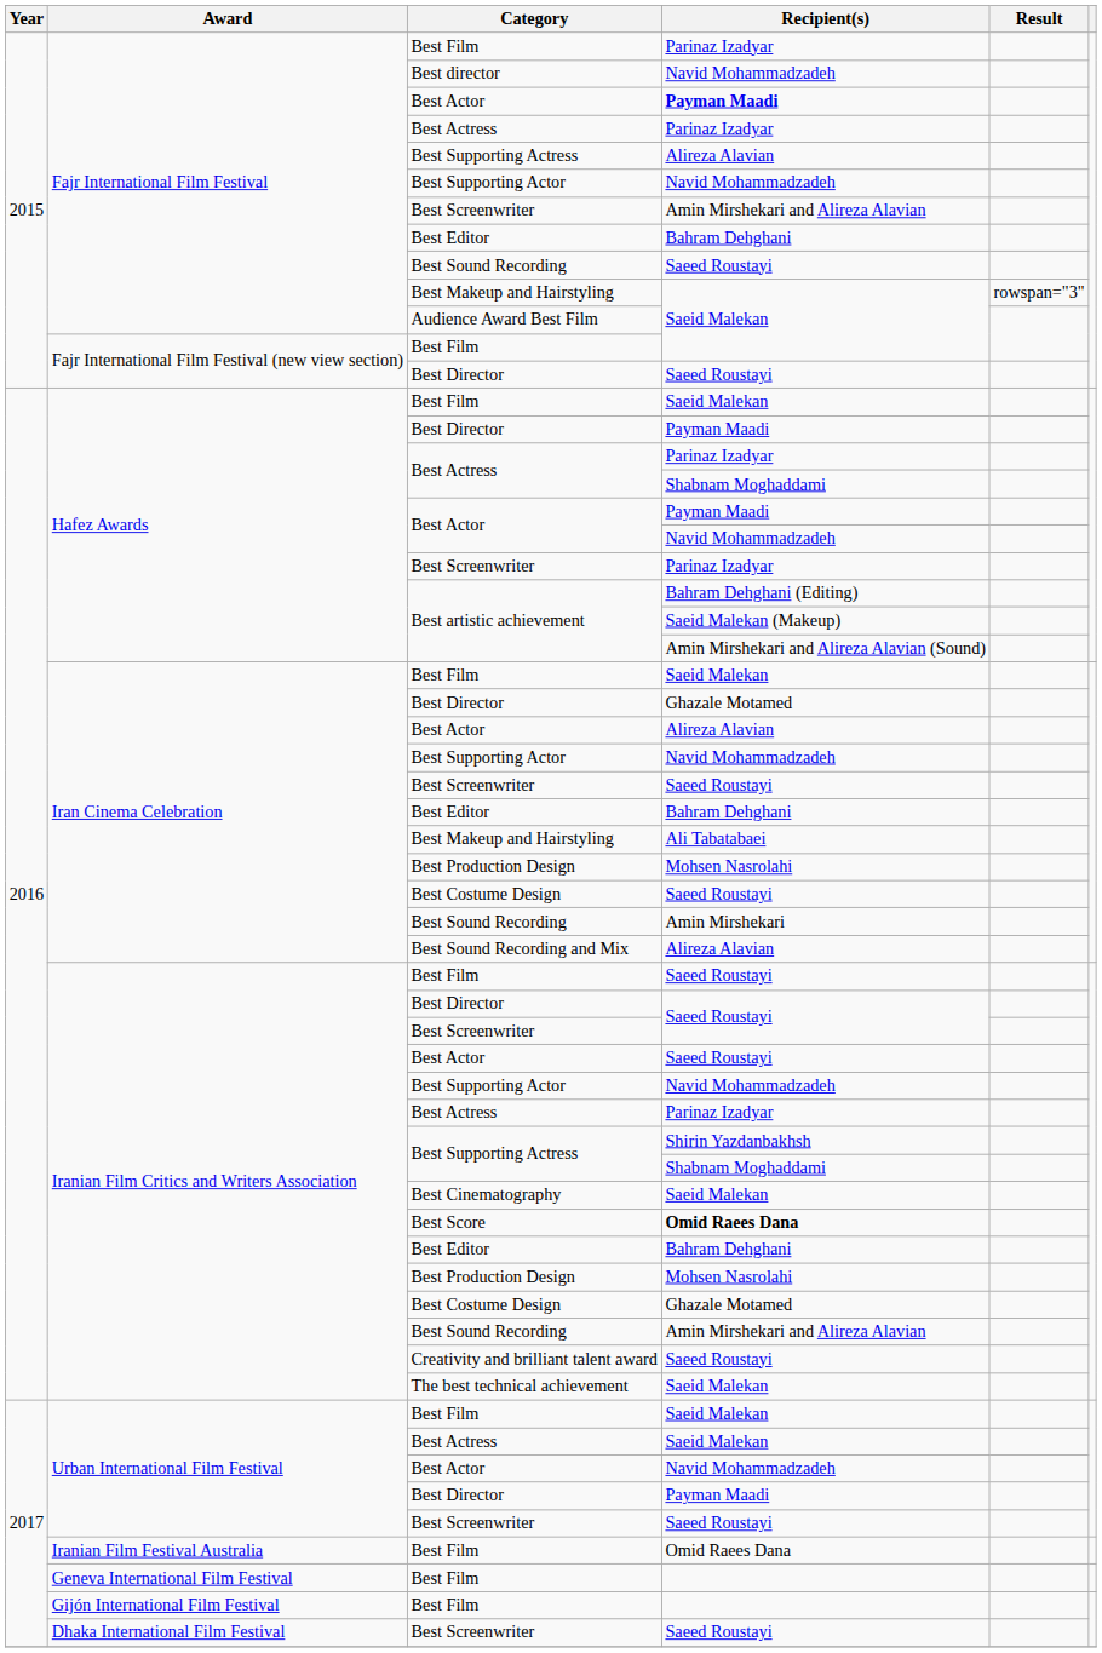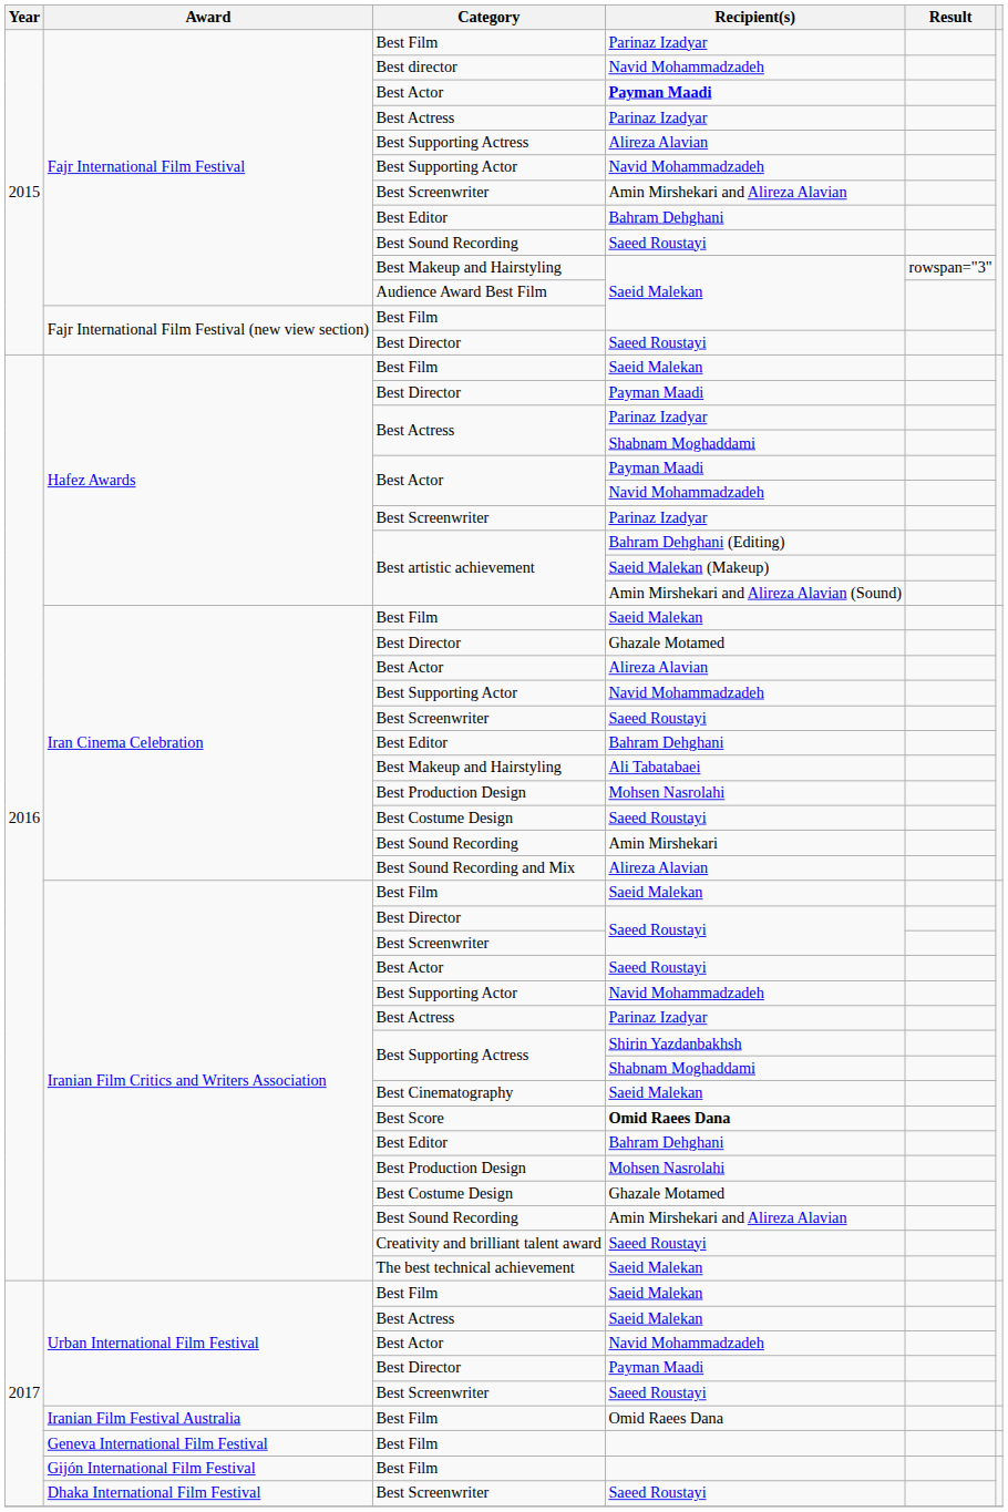 <table class="wikitable">
 <tr>
 <th scope="col">Year</th>
 <th scope="col">Award</th>
 <th scope="col">Category</th>
 <th scope="col">Recipient(s)</th>
 <th scope="col">Result</th>
 <th scope="col" class="unsortable"></th>
 </tr>
 <tr>
 <td rowspan="13">2015</td>
 <td rowspan="11"><a href='#'>Fajr International Film Festival</a></td>
 <td>Best Film</td>
 <td><a href='#'>Parinaz Izadyar</a></td>
 <td></td>
 <td rowspan="13"></td>
 </tr>
 <tr>
 <td>Best director</td>
 <td><a href='#'>Navid Mohammadzadeh</a></td>
 <td></td>
 </tr>
 <tr>
 <td>Best Actor</td>
 <td><strong><a href='#'>Payman Maadi</a></strong></td>
 <td></td>
 </tr>
 <tr>
 <td>Best Actress</td>
 <td><a href='#'>Parinaz Izadyar</a></td>
 <td></td>
 </tr>
 <tr>
 <td>Best Supporting Actress</td>
 <td><a href='#'>Alireza Alavian</a></td>
 <td></td>
 </tr>
 <tr>
 <td>Best Supporting Actor</td>
 <td><a href='#'>Navid Mohammadzadeh</a></td>
 <td></td>
 </tr>
 <tr>
 <td>Best Screenwriter</td>
 <td>Amin Mirshekari and <a href='#'>Alireza Alavian</a></td>
 <td></td>
 </tr>
 <tr>
 <td>Best Editor</td>
 <td><a href='#'>Bahram Dehghani</a></td>
 <td></td>
 </tr>
 <tr>
 <td>Best Sound Recording</td>
 <td><a href='#'>Saeed Roustayi</a></td>
 <td></td>
 </tr>
 <tr>
 <td>Best Makeup and Hairstyling</td>
 <td rowspan="3"><a href='#'>Saeid Malekan</a></td>
 <td>rowspan="3" </td>
 </tr>
 <tr>
 <td>Audience Award Best Film</td>
 </tr>
 <tr>
 <td rowspan="2">Fajr International Film Festival (new view section)</td>
 <td>Best Film</td>
 </tr>
 <tr>
 <td>Best Director</td>
 <td><a href='#'>Saeed Roustayi</a></td>
 <td></td>
 </tr>
 <tr>
 <td rowspan="37">2016</td>
 <td rowspan="10"><a href='#'>Hafez Awards</a></td>
 <td>Best Film</td>
 <td><a href='#'>Saeid Malekan</a></td>
 <td></td>
 <td rowspan="10"></td>
 </tr>
 <tr>
 <td>Best Director</td>
 <td><a href='#'>Payman Maadi</a></td>
 <td></td>
 </tr>
 <tr>
 <td rowspan="2">Best Actress</td>
 <td><a href='#'>Parinaz Izadyar</a></td>
 <td></td>
 </tr>
 <tr>
 <td><a href='#'>Shabnam Moghaddami</a></td>
 <td></td>
 </tr>
 <tr>
 <td rowspan="2">Best Actor</td>
 <td><a href='#'>Payman Maadi</a></td>
 <td></td>
 </tr>
 <tr>
 <td><a href='#'>Navid Mohammadzadeh</a></td>
 <td></td>
 </tr>
 <tr>
 <td>Best Screenwriter</td>
 <td><a href='#'>Parinaz Izadyar</a></td>
 <td></td>
 </tr>
 <tr>
 <td rowspan="3">Best artistic achievement</td>
 <td><a href='#'>Bahram Dehghani</a> (Editing)</td>
 <td></td>
 </tr>
 <tr>
 <td><a href='#'>Saeid Malekan</a> (Makeup)</td>
 <td></td>
 </tr>
 <tr>
 <td>Amin Mirshekari and <a href='#'>Alireza Alavian</a> (Sound)</td>
 <td></td>
 </tr>
 <tr>
 <td rowspan="11"><a href='#'>Iran Cinema Celebration</a></td>
 <td>Best Film</td>
 <td><a href='#'>Saeid Malekan</a></td>
 <td></td>
 <td rowspan="11"></td>
 </tr>
 <tr>
 <td>Best Director</td>
 <td>Ghazale Motamed</td>
 <td></td>
 </tr>
 <tr>
 <td>Best Actor</td>
 <td><a href='#'>Alireza Alavian</a></td>
 <td></td>
 </tr>
 <tr>
 <td>Best Supporting Actor</td>
 <td><a href='#'>Navid Mohammadzadeh</a></td>
 <td></td>
 </tr>
 <tr>
 <td>Best Screenwriter</td>
 <td><a href='#'>Saeed Roustayi</a></td>
 <td></td>
 </tr>
 <tr>
 <td>Best Editor</td>
 <td><a href='#'>Bahram Dehghani</a></td>
 <td></td>
 </tr>
 <tr>
 <td>Best Makeup and Hairstyling</td>
 <td><a href='#'>Ali Tabatabaei</a></td>
 <td></td>
 </tr>
 <tr>
 <td>Best Production Design</td>
 <td><a href='#'>Mohsen Nasrolahi</a></td>
 <td></td>
 </tr>
 <tr>
 <td>Best Costume Design</td>
 <td><a href='#'>Saeed Roustayi</a></td>
 <td></td>
 </tr>
 <tr>
 <td>Best Sound Recording</td>
 <td>Amin Mirshekari</td>
 <td></td>
 </tr>
 <tr>
 <td>Best Sound Recording and Mix</td>
 <td><a href='#'>Alireza Alavian</a></td>
 <td></td>
 </tr>
 <tr>
 <td rowspan="16"><a href='#'>Iranian Film Critics and Writers Association</a></td>
 <td>Best Film</td>
-<td><a href='#'>Saeed Roustayi</a></td>
+<td><a href='#'>Saeid Malekan</a></td>
 <td></td>
 <td rowspan="16"></td>
 </tr>
 <tr>
 <td>Best Director</td>
 <td rowspan="2"><a href='#'>Saeed Roustayi</a></td>
 <td></td>
 </tr>
 <tr>
 <td>Best Screenwriter</td>
 <td></td>
 </tr>
 <tr>
 <td>Best Actor</td>
 <td><a href='#'>Saeed Roustayi</a></td>
 <td></td>
 </tr>
 <tr>
 <td>Best Supporting Actor</td>
 <td><a href='#'>Navid Mohammadzadeh</a></td>
 <td></td>
 </tr>
 <tr>
 <td>Best Actress</td>
 <td><a href='#'>Parinaz Izadyar</a></td>
 <td></td>
 </tr>
 <tr>
 <td rowspan="2">Best Supporting Actress</td>
 <td><a href='#'>Shirin Yazdanbakhsh</a></td>
 <td></td>
 </tr>
 <tr>
 <td><a href='#'>Shabnam Moghaddami</a></td>
 <td></td>
 </tr>
 <tr>
 <td>Best Cinematography</td>
 <td><a href='#'>Saeid Malekan</a></td>
 <td></td>
 </tr>
 <tr>
 <td>Best Score</td>
 <td><strong>Omid Raees Dana</strong></td>
 <td></td>
 </tr>
 <tr>
 <td>Best Editor</td>
 <td><a href='#'>Bahram Dehghani</a></td>
 <td></td>
 </tr>
 <tr>
 <td>Best Production Design</td>
 <td><a href='#'>Mohsen Nasrolahi</a></td>
 <td></td>
 </tr>
 <tr>
 <td>Best Costume Design</td>
 <td>Ghazale Motamed</td>
 <td></td>
 </tr>
 <tr>
 <td>Best Sound Recording</td>
 <td>Amin Mirshekari and <a href='#'>Alireza Alavian</a></td>
 <td></td>
 </tr>
 <tr>
 <td>Creativity and brilliant talent award</td>
 <td><a href='#'>Saeed Roustayi</a></td>
 <td></td>
 </tr>
 <tr>
 <td>The best technical achievement</td>
 <td><a href='#'>Saeid Malekan</a></td>
 <td></td>
 </tr>
 <tr>
 <td rowspan="9">2017</td>
 <td rowspan="5"><a href='#'>Urban International Film Festival</a></td>
 <td>Best Film</td>
 <td><a href='#'>Saeid Malekan</a></td>
 <td></td>
 <td rowspan="5"></td>
 </tr>
 <tr>
 <td>Best Actress</td>
 <td><a href='#'>Saeid Malekan</a></td>
 <td></td>
 </tr>
 <tr>
 <td>Best Actor</td>
 <td><a href='#'>Navid Mohammadzadeh</a></td>
 <td></td>
 </tr>
 <tr>
 <td>Best Director</td>
 <td><a href='#'>Payman Maadi</a></td>
 <td></td>
 </tr>
 <tr>
 <td>Best Screenwriter</td>
 <td><a href='#'>Saeed Roustayi</a></td>
 <td></td>
 </tr>
 <tr>
 <td><a href='#'>Iranian Film Festival Australia</a></td>
 <td>Best Film</td>
 <td>Omid Raees Dana</td>
 <td></td>
 <td></td>
 </tr>
 <tr>
 <td><a href='#'>Geneva International Film Festival</a></td>
 <td>Best Film</td>
 <td></td>
 <td></td>
 <td></td>
 </tr>
 <tr>
 <td><a href='#'>Gijón International Film Festival</a></td>
 <td>Best Film</td>
 <td></td>
 <td></td>
 <td rowspan="2"></td>
 </tr>
 <tr>
 <td><a href='#'>Dhaka International Film Festival</a></td>
 <td>Best Screenwriter</td>
 <td><a href='#'>Saeed Roustayi</a></td>
 <td></td>
 </tr>
 <tr>
 </tr>
 </table>
